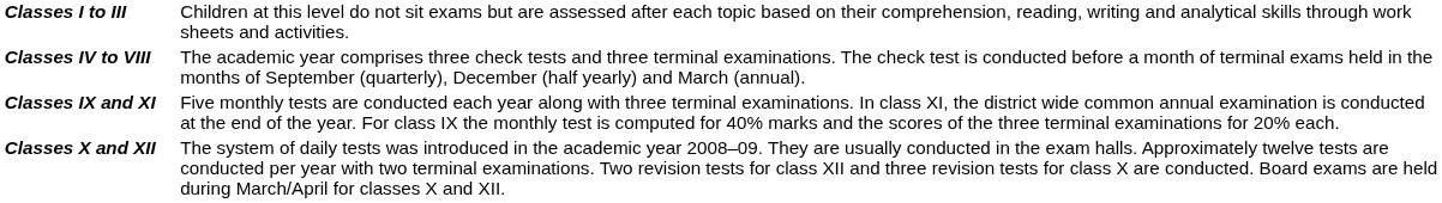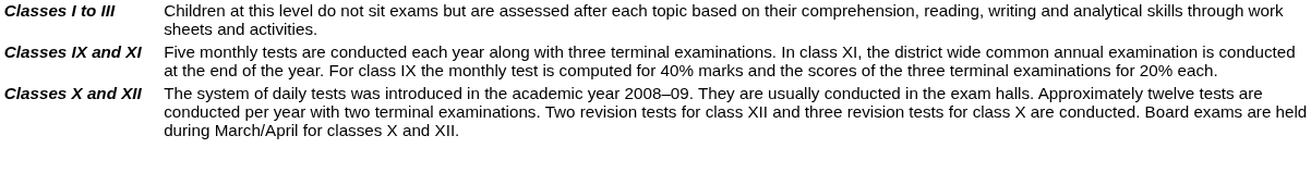 <table>
 <tr>
 <td style="width: 150px; vertical-align: top;"><strong><em>Classes I to III</em></strong></td>
 <td>Children at this level do not sit exams but are assessed after each topic based on their comprehension, reading, writing and analytical skills through work sheets and activities.</td>
-</tr>
-<tr>
-<td style="vertical-align: top;"><strong><em>Classes IV to VIII</em></strong></td>
-<td>The academic year comprises three check tests and three terminal examinations. The check test is conducted before a month of terminal exams held in the months of September (quarterly), December (half yearly)  and March (annual).</td>
 </tr>
 <tr>
 <td style="vertical-align: top;"><strong><em>Classes IX and XI</em></strong></td>
 <td>Five monthly tests are conducted each year along with three terminal examinations. In class XI, the district wide common annual examination is conducted at the end of the year. For class IX the monthly test is computed for 40% marks and the scores of the three terminal examinations for 20% each.</td>
 </tr>
 <tr>
 <td style="vertical-align: top;"><strong><em>Classes X and XII</em></strong></td>
 <td>The system of daily tests was introduced in the academic year 2008–09. They are usually conducted in the exam halls. Approximately twelve tests are conducted per year with two terminal examinations. Two revision tests for class XII and three revision tests for class X are conducted. Board exams are held during March/April for classes X and XII.</td>
 </tr>
 </table>
